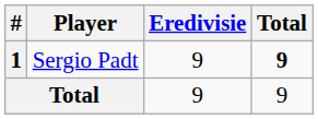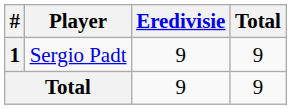 <table class="wikitable" style="text-align:center;">
 <tr>
 <th>#</th>
 <th>Player</th>
 <th><a href='#'>Eredivisie</a></th>
 <th>Total</th>
 </tr>
 <tr>
 <th>1</th>
 <td align="left"> <a href='#'>Sergio Padt</a></td>
 <td>9</td>
-<td><strong>9</strong></td>
+<td>9</td>
 </tr>
 <tr>
 <th colspan="2">Total</th>
 <td>9</td>
 <td>9</td>
 </tr>
 </table>
